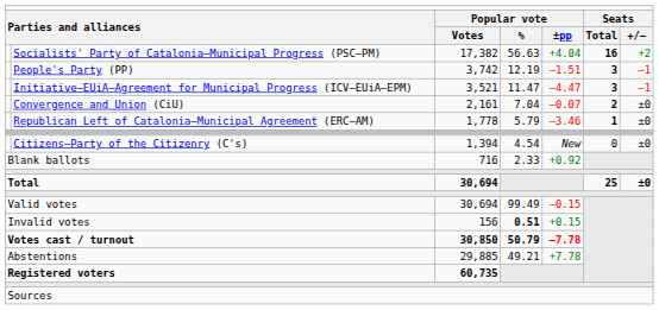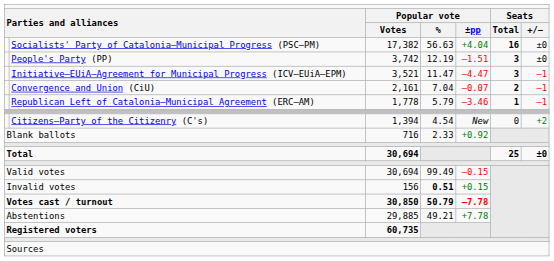 <table class="wikitable" style="text-align:right;">
 <tr>
 <td colspan="7"></td>
 </tr>
 <tr>
 <th style="text-align:left;" rowspan="2" colspan="2" width="525">Parties and alliances</th>
 <th colspan="3">Popular vote</th>
 <th colspan="2">Seats</th>
 </tr>
 <tr>
 <th width="75">Votes</th>
 <th width="45">%</th>
 <th width="45">±<a href='#'>pp</a></th>
 <th width="35">Total</th>
 <th width="35">+/−</th>
 </tr>
 <tr>
 <td width="1" style="color:inherit;background:"></td>
 <td align="left"><a href='#'>Socialists' Party of Catalonia–Municipal Progress</a> (PSC–PM)</td>
 <td>17,382</td>
 <td>56.63</td>
 <td style="color:green;">+4.04</td>
 <td><strong>16</strong></td>
-<td style="color:green;">+2</td>
+<td>±0</td>
 </tr>
 <tr>
 <td style="color:inherit;background:"></td>
 <td align="left"><a href='#'>People's Party</a> (PP)</td>
 <td>3,742</td>
 <td>12.19</td>
 <td style="color:red;">–1.51</td>
 <td><strong>3</strong></td>
-<td style="color:red;">–1</td>
+<td>±0</td>
 </tr>
 <tr>
 <td style="color:inherit;background:"></td>
 <td align="left"><a href='#'>Initiative–EUiA–Agreement for Municipal Progress</a> (ICV–EUiA–EPM)</td>
 <td>3,521</td>
 <td>11.47</td>
 <td style="color:red;">–4.47</td>
 <td><strong>3</strong></td>
 <td style="color:red;">–1</td>
 </tr>
 <tr>
 <td style="color:inherit;background:"></td>
 <td align="left"><a href='#'>Convergence and Union</a> (CiU)</td>
 <td>2,161</td>
 <td>7.04</td>
 <td style="color:red;">–0.07</td>
 <td><strong>2</strong></td>
-<td>±0</td>
+<td style="color:red;">–1</td>
 </tr>
 <tr>
 <td style="color:inherit;background:"></td>
 <td align="left"><a href='#'>Republican Left of Catalonia–Municipal Agreement</a> (ERC–AM)</td>
 <td>1,778</td>
 <td>5.79</td>
 <td style="color:red;">–3.46</td>
 <td><strong>1</strong></td>
-<td>±0</td>
+<td style="color:red;">–1</td>
 </tr>
 <tr>
 <td colspan="7" style="color:inherit;background:#C0C0C0"></td>
 </tr>
 <tr>
 <td style="color:inherit;background:"></td>
 <td align="left"><a href='#'>Citizens–Party of the Citizenry</a> (C's)</td>
 <td>1,394</td>
 <td>4.54</td>
 <td><em>New</em></td>
 <td>0</td>
-<td>±0</td>
+<td style="color:green;">+2</td>
 </tr>
 <tr>
 <td align="left" colspan="2">Blank ballots</td>
 <td>716</td>
 <td>2.33</td>
 <td style="color:green;">+0.92</td>
 <td style="color:inherit;background:#E9E9E9" colspan="2"></td>
 </tr>
 <tr>
 <td colspan="7" style="color:inherit;background:#E9E9E9"></td>
 </tr>
 <tr style="font-weight:bold;">
 <td align="left" colspan="2">Total</td>
 <td>30,694</td>
 <td bgcolor="#E9E9E9" colspan="2"></td>
 <td>25</td>
 <td>±0</td>
 </tr>
 <tr>
 <td colspan="7" style="color:inherit;background:#E9E9E9"></td>
 </tr>
 <tr>
 <td align="left" colspan="2">Valid votes</td>
 <td>30,694</td>
 <td>99.49</td>
 <td style="color:red;">–0.15</td>
 <td bgcolor="#E9E9E9" colspan="2" rowspan="5"></td>
 </tr>
 <tr>
 <td align="left" colspan="2">Invalid votes</td>
 <td>156</td>
 <td><strong>0.51</strong></td>
 <td style="color:green;">+0.15</td>
 </tr>
 <tr style="font-weight:bold;">
 <td align="left" colspan="2">Votes cast / turnout</td>
 <td>30,850</td>
 <td>50.79</td>
 <td style="color:red;">–7.78</td>
 </tr>
 <tr>
 <td align="left" colspan="2">Abstentions</td>
 <td>29,885</td>
 <td>49.21</td>
 <td style="color:green;">+7.78</td>
 </tr>
 <tr style="font-weight:bold;">
 <td align="left" colspan="2">Registered voters</td>
 <td>60,735</td>
 <td bgcolor="#E9E9E9" colspan="2"></td>
 </tr>
 <tr>
 <td colspan="7" style="color:inherit;background:#E9E9E9"></td>
 </tr>
 <tr>
 <td align="left" colspan="7">Sources</td>
 </tr>
 </table>
